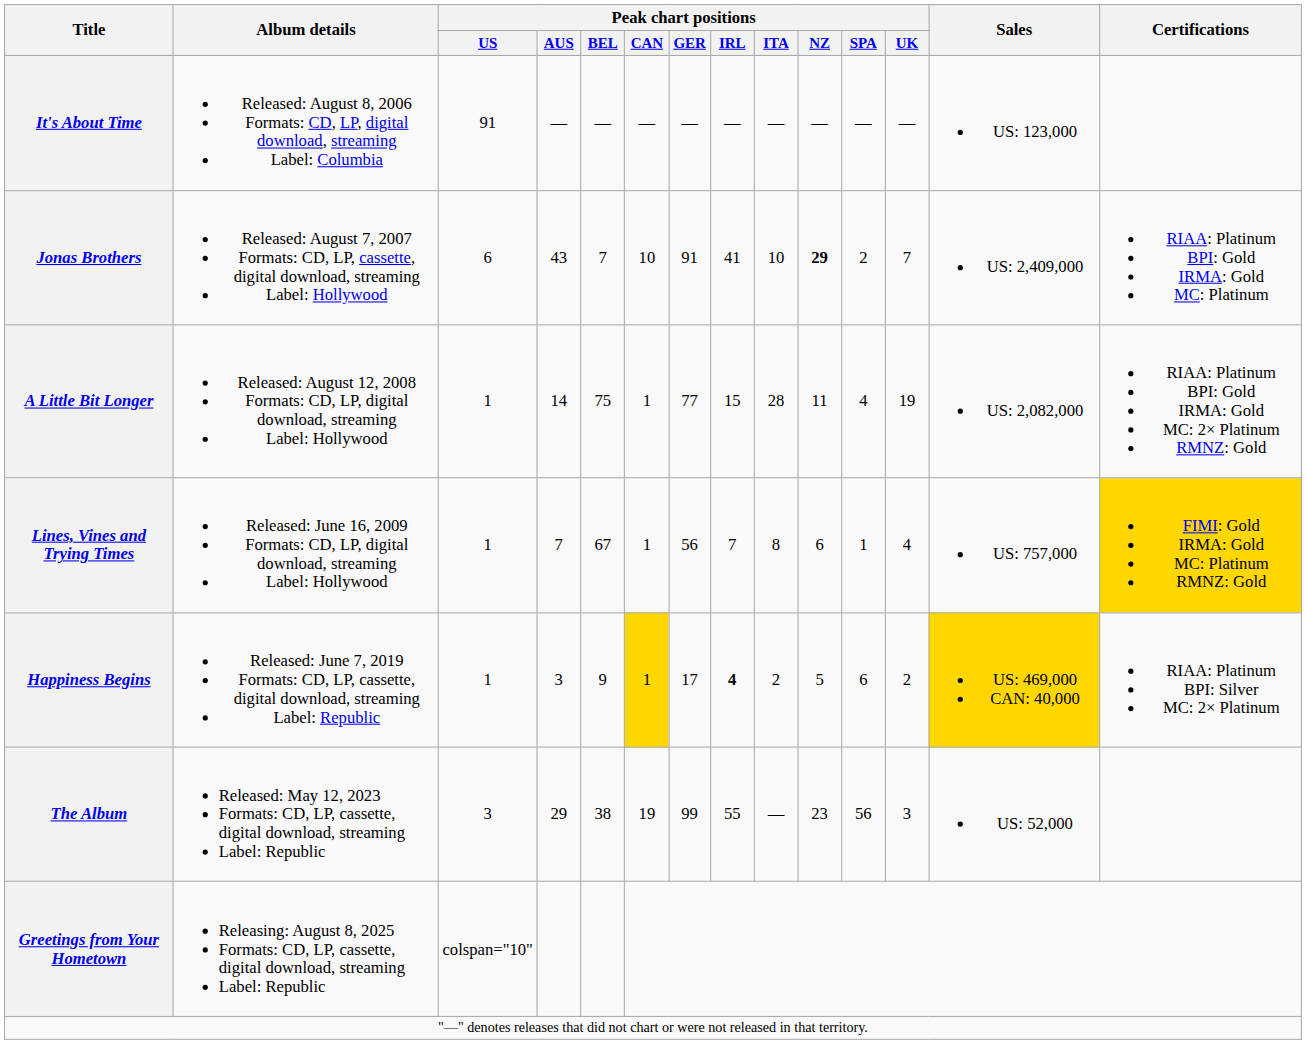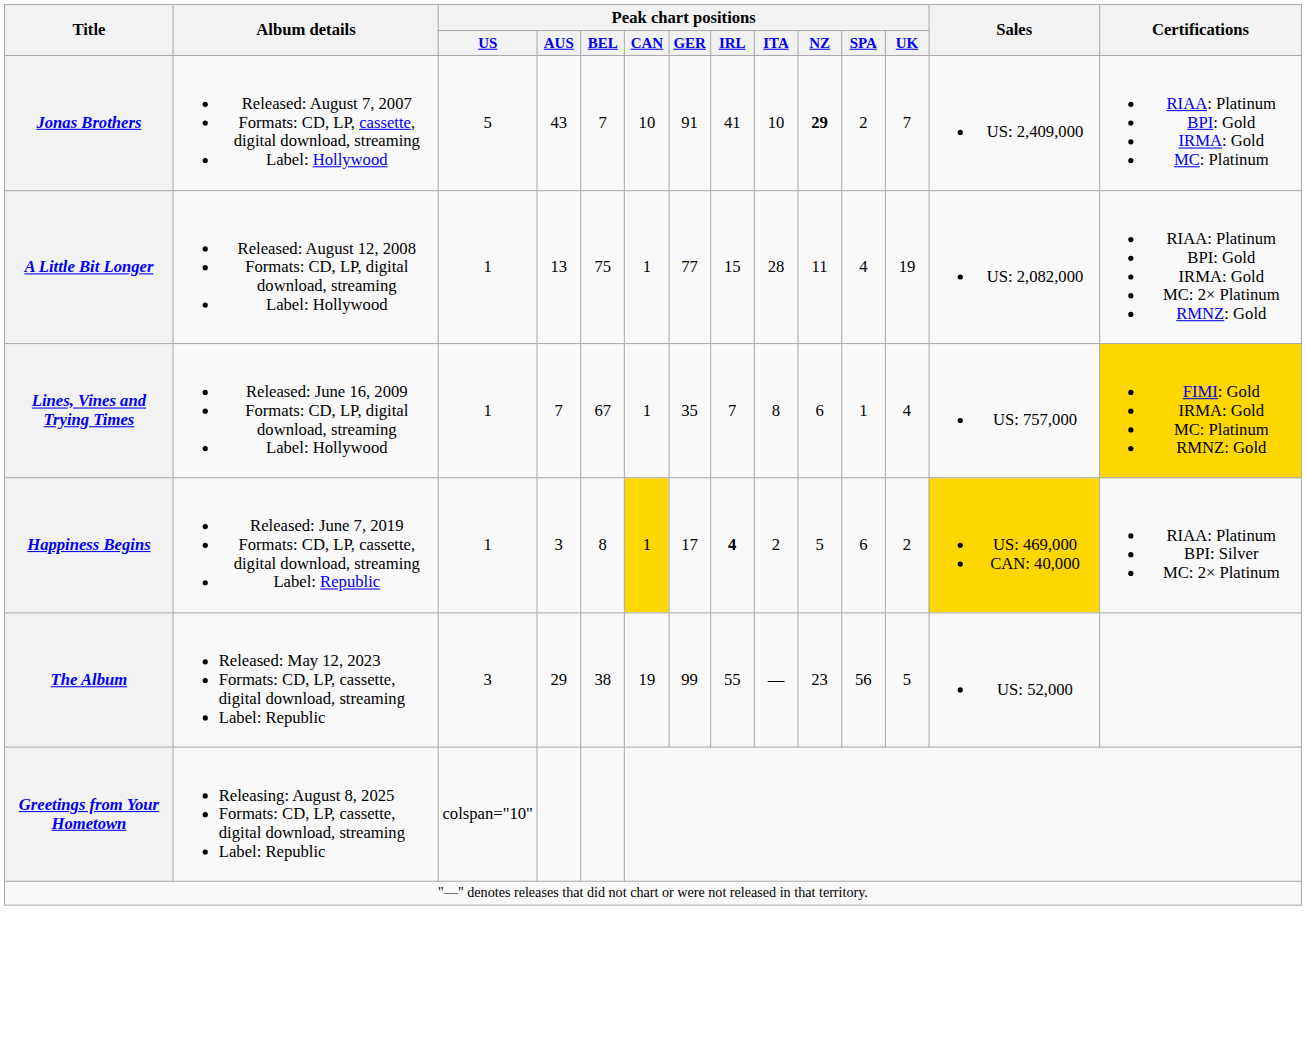 <table class="wikitable plainrowheaders" style="text-align:center;" border="1">
 <tr>
 <th scope="col" rowspan="2" style="width:10em;">Title</th>
 <th scope="col" rowspan="2" style="width:16em;">Album details</th>
 <th scope="col" colspan="10">Peak chart positions</th>
 <th scope="col" rowspan="2" style="width:10em;">Sales</th>
 <th scope="col" rowspan="2" style="width:12em;">Certifications</th>
 </tr>
 <tr>
 <th scope="col" style="width:2.5em;font-size:90%;"><a href='#'>US</a><br></th>
 <th scope="col" style="width:2.5em;font-size:90%;"><a href='#'>AUS</a><br></th>
 <th scope="col" style="width:2.5em;font-size:90%;"><a href='#'>BEL</a><br></th>
 <th scope="col" style="width:2.5em;font-size:90%;"><a href='#'>CAN</a><br></th>
 <th scope="col" style="width:2.3em;font-size:90%;"><a href='#'>GER</a><br></th>
 <th scope="col" style="width:2.5em;font-size:90%;"><a href='#'>IRL</a><br></th>
 <th scope="col" style="width:2.5em;font-size:90%;"><a href='#'>ITA</a><br></th>
 <th scope="col" style="width:2.5em;font-size:90%;"><a href='#'>NZ</a><br></th>
 <th scope="col" style="width:2.5em;font-size:90%;"><a href='#'>SPA</a><br></th>
 <th scope="col" style="width:2.5em;font-size:90%;"><a href='#'>UK</a><br></th>
 </tr>
 <tr>
-<th scope="row"><em><a href='#'>It's About Time</a></em></th>
-<td><br><ul><li>Released: August 8, 2006</li><li>Formats: <a href='#'>CD</a>, <a href='#'>LP</a>, <a href='#'>digital download</a>, <a href='#'>streaming</a></li><li>Label: <a href='#'>Columbia</a></li></ul></td>
-<td>91</td>
-<td>—</td>
-<td>—</td>
-<td>—</td>
-<td>—</td>
-<td>—</td>
-<td>—</td>
-<td>—</td>
-<td>—</td>
-<td>—</td>
-<td><br><ul><li>US: 123,000</li></ul></td>
-<td></td>
-</tr>
-<tr>
 <th scope="row"><em><a href='#'>Jonas Brothers</a></em></th>
 <td><br><ul><li>Released: August 7, 2007</li><li>Formats: CD, LP, <a href='#'>cassette</a>, digital download, streaming</li><li>Label: <a href='#'>Hollywood</a></li></ul></td>
-<td>6</td>
+<td>5</td>
 <td>43</td>
 <td>7</td>
 <td>10</td>
 <td>91</td>
 <td>41</td>
 <td>10</td>
 <td><strong>29</strong></td>
 <td>2</td>
 <td>7</td>
 <td><br><ul><li>US: 2,409,000</li></ul></td>
 <td><br><ul><li><a href='#'>RIAA</a>: Platinum</li><li><a href='#'>BPI</a>: Gold</li><li><a href='#'>IRMA</a>: Gold</li><li><a href='#'>MC</a>: Platinum</li></ul></td>
 </tr>
 <tr>
 <th scope="row"><em><a href='#'>A Little Bit Longer</a></em></th>
 <td><br><ul><li>Released: August 12, 2008</li><li>Formats: CD, LP, digital download, streaming</li><li>Label: Hollywood</li></ul></td>
 <td>1</td>
-<td>14</td>
+<td>13</td>
 <td>75</td>
 <td>1</td>
 <td>77</td>
 <td>15</td>
 <td>28</td>
 <td>11</td>
 <td>4</td>
 <td>19</td>
 <td><br><ul><li>US: 2,082,000</li></ul></td>
 <td><br><ul><li>RIAA: Platinum</li><li>BPI: Gold</li><li>IRMA: Gold</li><li>MC: 2× Platinum</li><li><a href='#'>RMNZ</a>: Gold</li></ul></td>
 </tr>
 <tr>
 <th scope="row"><em><a href='#'>Lines, Vines and<br>Trying Times</a></em></th>
 <td><br><ul><li>Released: June 16, 2009</li><li>Formats: CD, LP, digital download, streaming</li><li>Label: Hollywood</li></ul></td>
 <td>1</td>
 <td>7</td>
 <td>67</td>
 <td>1</td>
-<td>56</td>
+<td>35</td>
 <td>7</td>
 <td>8</td>
 <td>6</td>
 <td>1</td>
 <td>4</td>
 <td><br><ul><li>US: 757,000</li></ul></td>
 <td style="background: gold;"><br><ul><li><a href='#'>FIMI</a>: Gold</li><li>IRMA: Gold</li><li>MC: Platinum</li><li>RMNZ: Gold</li></ul></td>
 </tr>
 <tr>
 <th scope="row"><em><a href='#'>Happiness Begins</a></em></th>
 <td><br><ul><li>Released: June 7, 2019</li><li>Formats: CD, LP, cassette, digital download, streaming</li><li>Label: <a href='#'>Republic</a></li></ul></td>
 <td>1</td>
 <td>3</td>
-<td>9</td>
+<td>8</td>
 <td style="background: gold;">1</td>
 <td>17</td>
 <td><strong>4</strong></td>
 <td>2</td>
 <td>5</td>
 <td>6</td>
 <td>2</td>
 <td style="background: gold;"><br><ul><li>US: 469,000</li><li>CAN: 40,000</li></ul></td>
 <td><br><ul><li>RIAA: Platinum</li><li>BPI: Silver</li><li>MC: 2× Platinum</li></ul></td>
 </tr>
 <tr>
 <th scope="row"><em><a href='#'>The Album</a></em></th>
 <td style="text-align:left;"><br><ul><li>Released: May 12, 2023</li><li>Formats: CD, LP, cassette, digital download, streaming</li><li>Label: Republic</li></ul></td>
 <td>3</td>
 <td>29</td>
 <td>38</td>
 <td>19</td>
 <td>99</td>
 <td>55</td>
 <td>—</td>
 <td>23</td>
 <td>56</td>
-<td>3</td>
+<td>5</td>
 <td><br><ul><li>US: 52,000</li></ul></td>
 <td></td>
 </tr>
 <tr>
 <th scope="row"><em><a href='#'>Greetings from Your Hometown</a></em></th>
 <td style="text-align:left;"><br><ul><li>Releasing: August 8, 2025</li><li>Formats: CD, LP, cassette, digital download, streaming</li><li>Label: Republic</li></ul></td>
 <td>colspan="10" </td>
 <td></td>
 <td></td>
 </tr>
 <tr>
 <td colspan="14" style="font-size:85%">"—" denotes releases that did not chart or were not released in that territory.</td>
 </tr>
 </table>
